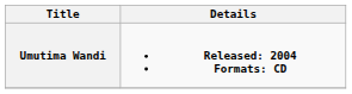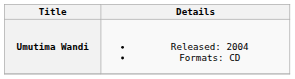 <table class="wikitable sortable plainrowheaders" style="text-align:center">
 <tr>
 <th scope="col" style="width:10em">Title</th>
 <th scope="col" style="width:20em">Details</th>
 </tr>
 <tr>
 <th>Umutima Wandi</th>
-<td><strong><br><ul><li>Released: 2004</li><li>Formats: CD</li></ul></strong></td>
+<td><br><ul><li>Released: 2004</li><li>Formats: CD</li></ul></td>
 </tr>
 <tr>
 </tr>
 </table>
